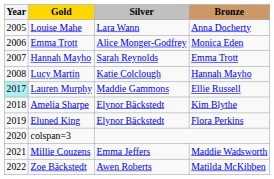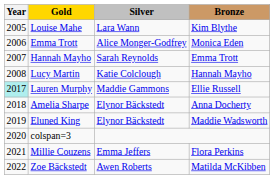 <table class="wikitable" style="text-align:left;">
 <tr>
 <th>Year</th>
 <th style="background:gold;">Gold</th>
 <th style="background:silver;">Silver</th>
 <th style="background:#c96;">Bronze</th>
 </tr>
 <tr>
 <td>2005</td>
 <td><a href='#'>Louise Mahe</a></td>
 <td><a href='#'>Lara Wann</a></td>
-<td><a href='#'>Anna Docherty</a></td>
+<td><a href='#'>Kim Blythe</a></td>
 </tr>
 <tr>
 <td>2006</td>
 <td><a href='#'>Emma Trott</a></td>
 <td><a href='#'>Alice Monger-Godfrey</a></td>
 <td><a href='#'>Monica Eden</a></td>
 </tr>
 <tr>
 <td>2007</td>
 <td><a href='#'>Hannah Mayho</a></td>
 <td><a href='#'>Sarah Reynolds</a></td>
 <td><a href='#'>Emma Trott</a></td>
 </tr>
 <tr>
 <td>2008</td>
 <td><a href='#'>Lucy Martin</a></td>
 <td><a href='#'>Katie Colclough</a></td>
 <td><a href='#'>Hannah Mayho</a></td>
 </tr>
 <tr>
 <td style="background: paleturquoise;">2017</td>
 <td><a href='#'>Lauren Murphy</a></td>
 <td><a href='#'>Maddie Gammons</a></td>
 <td><a href='#'>Ellie Russell</a></td>
 </tr>
 <tr>
 <td>2018</td>
 <td><a href='#'>Amelia Sharpe</a></td>
 <td><a href='#'>Elynor Bäckstedt</a></td>
-<td><a href='#'>Kim Blythe</a></td>
+<td><a href='#'>Anna Docherty</a></td>
 </tr>
 <tr>
 <td>2019</td>
 <td><a href='#'>Eluned King</a></td>
 <td><a href='#'>Elynor Bäckstedt</a></td>
-<td><a href='#'>Flora Perkins</a></td>
+<td><a href='#'>Maddie Wadsworth</a></td>
 </tr>
 <tr>
 <td>2020</td>
 <td>colspan=3 </td>
 </tr>
 <tr>
 <td>2021</td>
 <td><a href='#'>Millie Couzens</a></td>
 <td><a href='#'>Emma Jeffers</a></td>
-<td><a href='#'>Maddie Wadsworth</a></td>
+<td><a href='#'>Flora Perkins</a></td>
 </tr>
 <tr>
 <td>2022</td>
 <td><a href='#'>Zoe Bäckstedt</a></td>
 <td><a href='#'>Awen Roberts</a></td>
 <td><a href='#'>Matilda McKibben</a></td>
 </tr>
 </table>
